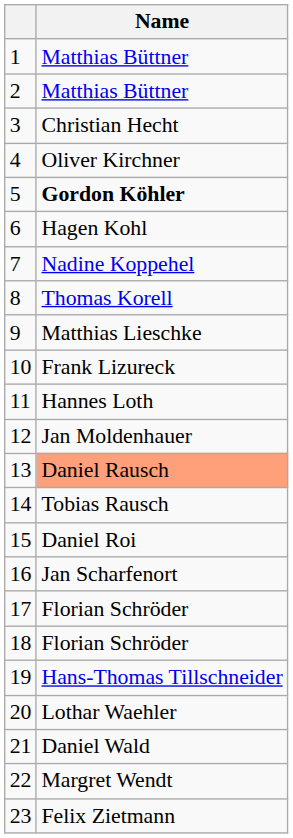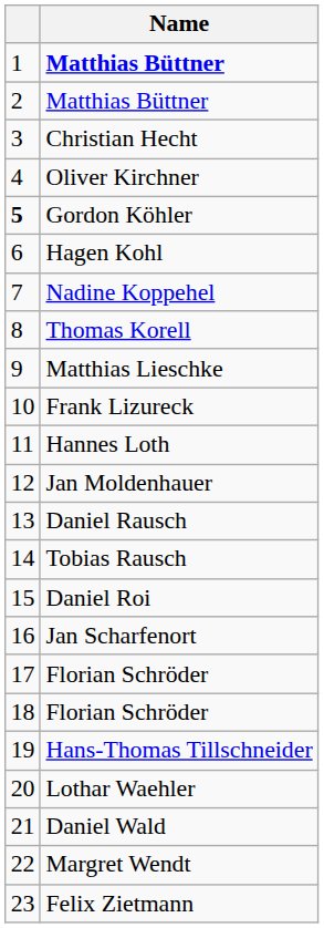 <table class="wikitable">
 <tr>
 <th></th>
 <th>Name</th>
 </tr>
 <tr>
 <td>1</td>
-<td><a href='#'>Matthias Büttner</a></td>
+<td><strong><a href='#'>Matthias Büttner</a></strong></td>
 </tr>
 <tr>
 <td>2</td>
 <td><a href='#'>Matthias Büttner</a></td>
 </tr>
 <tr>
 <td>3</td>
 <td>Christian Hecht</td>
 </tr>
 <tr>
 <td>4</td>
 <td>Oliver Kirchner</td>
 </tr>
 <tr>
-<td>5</td>
-<td><strong>Gordon Köhler</strong></td>
+<td><strong>5</strong></td>
+<td>Gordon Köhler</td>
 </tr>
 <tr>
 <td>6</td>
 <td>Hagen Kohl</td>
 </tr>
 <tr>
 <td>7</td>
 <td><a href='#'>Nadine Koppehel</a></td>
 </tr>
 <tr>
 <td>8</td>
 <td><a href='#'>Thomas Korell</a></td>
 </tr>
 <tr>
 <td>9</td>
 <td>Matthias Lieschke</td>
 </tr>
 <tr>
 <td>10</td>
 <td>Frank Lizureck</td>
 </tr>
 <tr>
 <td>11</td>
 <td>Hannes Loth</td>
 </tr>
 <tr>
 <td>12</td>
 <td>Jan Moldenhauer</td>
 </tr>
 <tr>
 <td>13</td>
-<td style="background: lightsalmon;">Daniel Rausch</td>
+<td>Daniel Rausch</td>
 </tr>
 <tr>
 <td>14</td>
 <td>Tobias Rausch</td>
 </tr>
 <tr>
 <td>15</td>
 <td>Daniel Roi</td>
 </tr>
 <tr>
 <td>16</td>
 <td>Jan Scharfenort</td>
 </tr>
 <tr>
 <td>17</td>
 <td>Florian Schröder</td>
 </tr>
 <tr>
 <td>18</td>
 <td>Florian Schröder</td>
 </tr>
 <tr>
 <td>19</td>
 <td><a href='#'>Hans-Thomas Tillschneider</a></td>
 </tr>
 <tr>
 <td>20</td>
 <td>Lothar Waehler</td>
 </tr>
 <tr>
 <td>21</td>
 <td>Daniel Wald</td>
 </tr>
 <tr>
 <td>22</td>
 <td>Margret Wendt</td>
 </tr>
 <tr>
 <td>23</td>
 <td>Felix Zietmann</td>
 </tr>
 </table>
